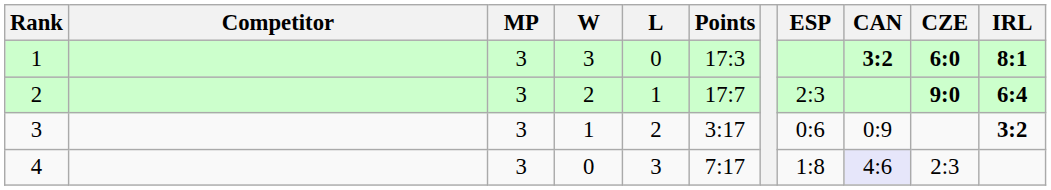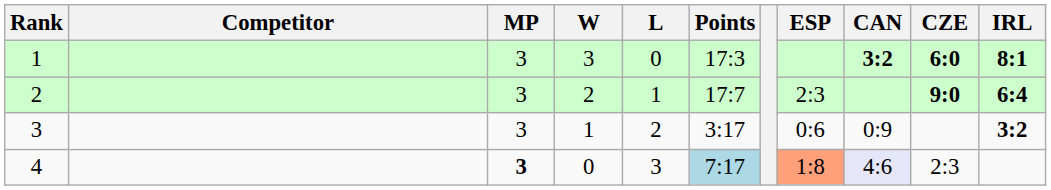 <table class="wikitable" style="text-align:center">
 <tr>
 <th>Rank</th>
 <th style="width:18em">Competitor</th>
 <th style="width:2.5em">MP</th>
 <th style="width:2.5em">W</th>
 <th style="width:2.5em">L</th>
 <th>Points</th>
 <th rowspan="5"> </th>
 <th style="width:2.5em">ESP</th>
 <th style="width:2.5em">CAN</th>
 <th style="width:2.5em">CZE</th>
 <th style="width:2.5em">IRL</th>
 </tr>
 <tr style="background:#cfc;">
 <td>1</td>
 <td style="text-align:left"></td>
 <td>3</td>
 <td>3</td>
 <td>0</td>
 <td>17:3</td>
 <td></td>
 <td><strong>3:2</strong></td>
 <td><strong>6:0</strong></td>
 <td><strong>8:1</strong></td>
 </tr>
 <tr style="background:#cfc;">
 <td>2</td>
 <td style="text-align:left"></td>
 <td>3</td>
 <td>2</td>
 <td>1</td>
 <td>17:7</td>
 <td>2:3</td>
 <td></td>
 <td><strong>9:0</strong></td>
 <td><strong>6:4</strong></td>
 </tr>
 <tr>
 <td>3</td>
 <td style="text-align:left"></td>
 <td>3</td>
 <td>1</td>
 <td>2</td>
 <td>3:17</td>
 <td>0:6</td>
 <td>0:9</td>
 <td></td>
 <td><strong>3:2</strong></td>
 </tr>
 <tr>
 <td>4</td>
 <td style="text-align:left"></td>
-<td>3</td>
+<td><strong>3</strong></td>
 <td>0</td>
 <td>3</td>
-<td>7:17</td>
-<td>1:8</td>
+<td style="background: lightblue;">7:17</td>
+<td style="background: lightsalmon;">1:8</td>
 <td style="background: lavender;">4:6</td>
 <td>2:3</td>
 <td></td>
 </tr>
 </table>
